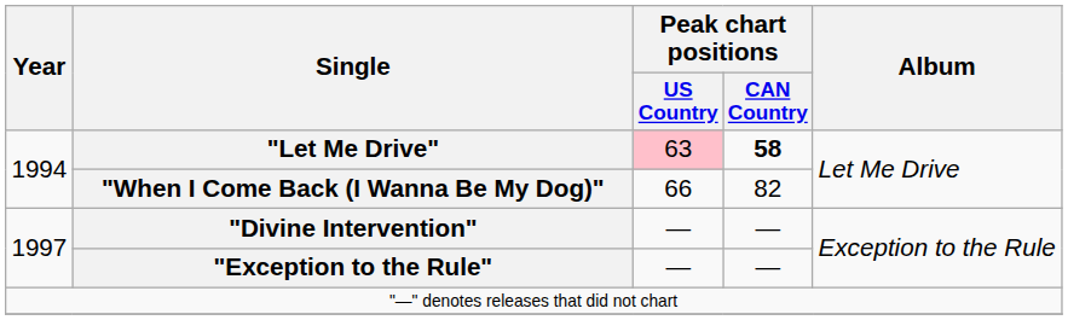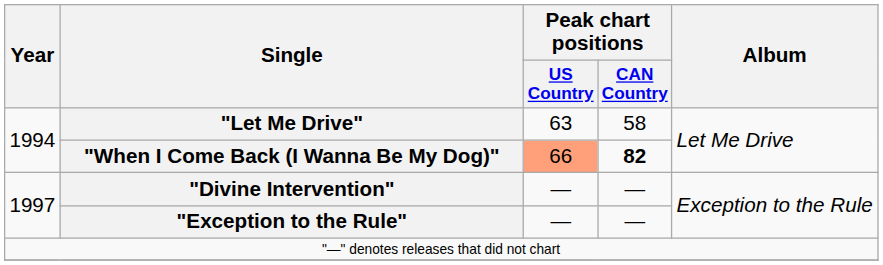 <table class="wikitable plainrowheaders" style="text-align:center;">
 <tr>
 <th rowspan="2">Year</th>
 <th rowspan="2" style="width:22em;">Single</th>
 <th colspan="2">Peak chart<br>positions</th>
 <th rowspan="2">Album</th>
 </tr>
 <tr style="font-size:smaller;">
 <th width="45"><a href='#'>US Country</a></th>
 <th width="45"><a href='#'>CAN Country</a></th>
 </tr>
 <tr>
 <td rowspan="2">1994</td>
 <th scope="row">"Let Me Drive"</th>
-<td style="background: pink;">63</td>
-<td><strong>58</strong></td>
+<td>63</td>
+<td>58</td>
 <td align="left" rowspan="2"><em>Let Me Drive</em></td>
 </tr>
 <tr>
 <th scope="row">"When I Come Back (I Wanna Be My Dog)"</th>
-<td>66</td>
-<td>82</td>
+<td style="background: lightsalmon;">66</td>
+<td><strong>82</strong></td>
 </tr>
 <tr>
 <td rowspan="2">1997</td>
 <th scope="row">"Divine Intervention"</th>
 <td>—</td>
 <td>—</td>
 <td align="left" rowspan="2"><em>Exception to the Rule</em></td>
 </tr>
 <tr>
 <th scope="row">"Exception to the Rule"</th>
 <td>—</td>
 <td>—</td>
 </tr>
 <tr>
 <td colspan="5" style="font-size:8pt">"—" denotes releases that did not chart</td>
 </tr>
 <tr>
 </tr>
 </table>
